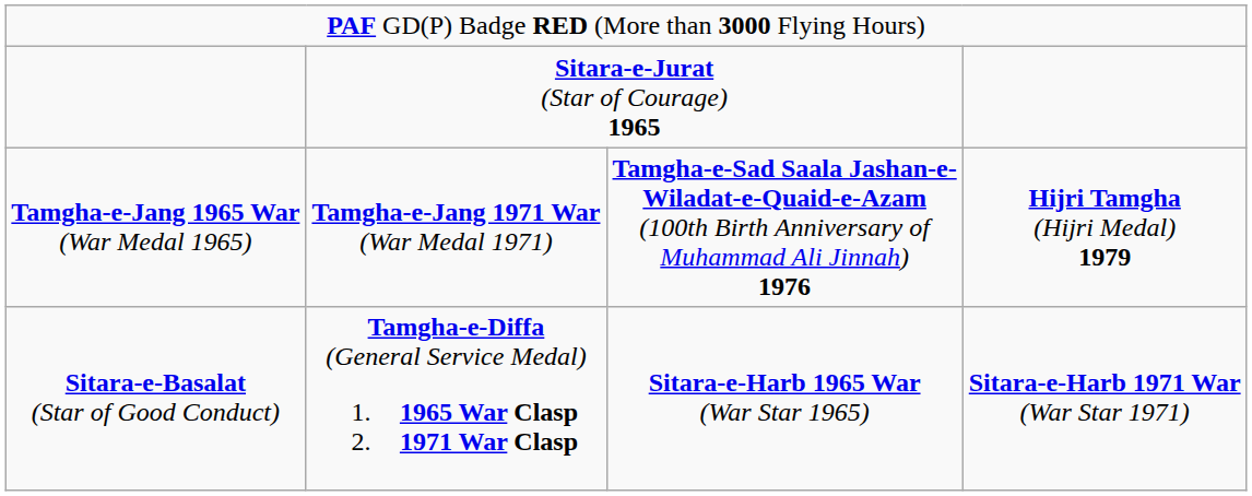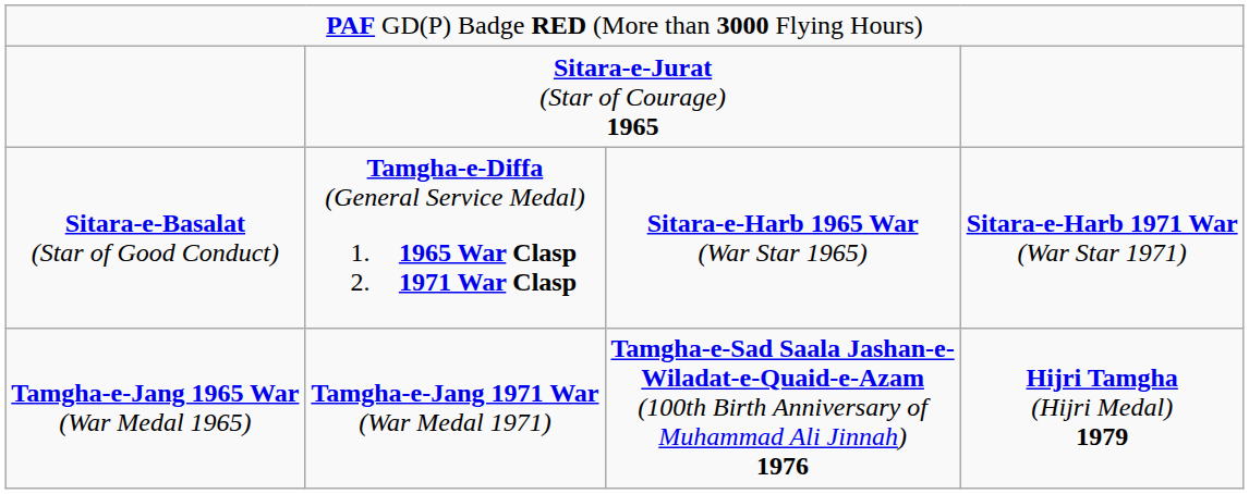 <table class="wikitable" style="margin:1em auto; text-align:center;">
 <tr>
 <td colspan="4"><strong><a href='#'>PAF</a></strong> GD(P) Badge <strong>RED</strong> (More than <strong>3000</strong> Flying Hours)</td>
 </tr>
 <tr>
 <td></td>
 <td colspan="2"><strong><a href='#'>Sitara-e-Jurat</a></strong><br><em>(Star of Courage)</em><br><strong>1965</strong></td>
 <td></td>
 </tr>
 <tr>
+<td><strong><a href='#'>Sitara-e-Basalat</a></strong><br><em>(Star of Good Conduct)</em></td>
+<td><strong><a href='#'>Tamgha-e-Diffa</a></strong><br><em>(General Service Medal)</em><ol><li><strong><a href='#'>1965 War</a> Clasp</strong></li><li><strong><a href='#'>1971 War</a> Clasp</strong></li></ol></td>
+<td><strong><a href='#'>Sitara-e-Harb 1965 War</a></strong><br><em>(War Star 1965)</em></td>
+<td><strong><a href='#'>Sitara-e-Harb 1971 War</a></strong><br><em>(War Star 1971)</em></td>
+</tr>
+<tr>
 <td><strong><a href='#'>Tamgha-e-Jang 1965 War</a></strong><br><em>(War Medal 1965)</em></td>
 <td><strong><a href='#'>Tamgha-e-Jang 1971 War</a></strong><br><em>(War Medal 1971)</em></td>
 <td><strong><a href='#'>Tamgha-e-Sad Saala Jashan-e-</a></strong><br><strong><a href='#'>Wiladat-e-Quaid-e-Azam</a></strong><br><em>(100th Birth Anniversary of</em><br><em><a href='#'>Muhammad Ali Jinnah</a>)</em><br><strong>1976</strong></td>
 <td><strong><a href='#'>Hijri Tamgha</a></strong><br><em>(Hijri Medal)</em><br><strong>1979</strong></td>
 </tr>
-<tr>
-<td><strong><a href='#'>Sitara-e-Basalat</a></strong><br><em>(Star of Good Conduct)</em></td>
-<td><strong><a href='#'>Tamgha-e-Diffa</a></strong><br><em>(General Service Medal)</em><ol><li><strong><a href='#'>1965 War</a> Clasp</strong></li><li><strong><a href='#'>1971 War</a> Clasp</strong></li></ol></td>
-<td><strong><a href='#'>Sitara-e-Harb 1965 War</a></strong><br><em>(War Star 1965)</em></td>
-<td><strong><a href='#'>Sitara-e-Harb 1971 War</a></strong><br><em>(War Star 1971)</em></td>
-</tr>
 </table>
